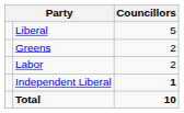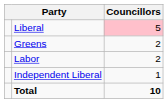 <table class="wikitable">
 <tr>
 <th colspan="2">Party</th>
 <th>Councillors</th>
 </tr>
 <tr>
 <td> </td>
 <td><a href='#'>Liberal</a></td>
-<td align=right>5</td>
+<td align=right style="background: pink;">5</td>
 </tr>
 <tr>
 <td> </td>
 <td><a href='#'>Greens</a></td>
 <td align=right>2</td>
 </tr>
 <tr>
 <td> </td>
 <td><a href='#'>Labor</a></td>
 <td align=right>2</td>
 </tr>
 <tr>
 <td> </td>
 <td><a href='#'>Independent Liberal</a></td>
-<td align=right><strong>1</strong></td>
+<td align=right>1</td>
 </tr>
 <tr>
 <td></td>
 <td><strong>Total</strong></td>
 <td align=right><strong>10</strong></td>
 </tr>
 </table>
